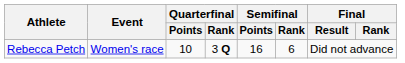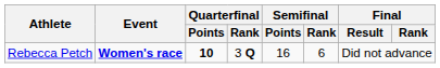 <table class="wikitable" style="font-size:90%;">
 <tr>
 <th rowspan=2>Athlete</th>
 <th rowspan=2>Event</th>
 <th colspan=2>Quarterfinal</th>
 <th colspan=2>Semifinal</th>
 <th colspan=2>Final</th>
 </tr>
 <tr style="font-size:95%">
 <th>Points</th>
 <th>Rank</th>
 <th>Points</th>
 <th>Rank</th>
 <th>Result</th>
 <th>Rank</th>
 </tr>
 <tr align=center>
 <td align=left><a href='#'>Rebecca Petch</a></td>
-<td align=left><a href='#'>Women's race</a></td>
-<td>10</td>
+<td align=left><strong><a href='#'>Women's race</a></strong></td>
+<td><strong>10</strong></td>
 <td>3 <strong>Q</strong></td>
 <td>16</td>
 <td>6</td>
 <td colspan=2>Did not advance</td>
 </tr>
 </table>
